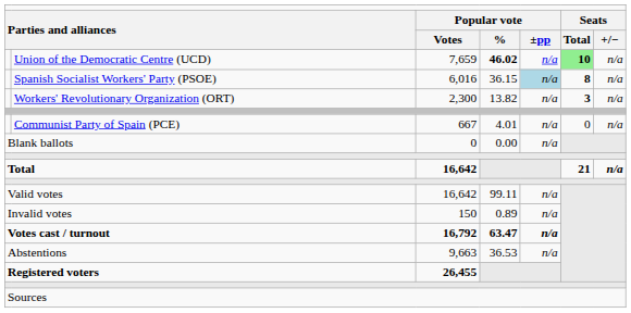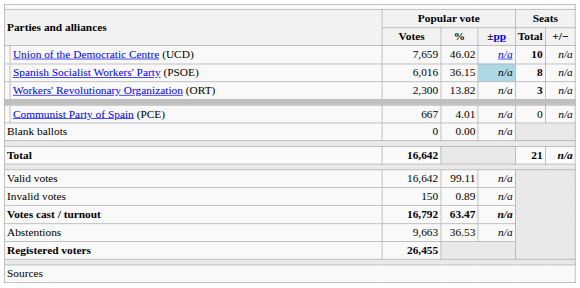 <table class="wikitable" style="text-align:right;">
 <tr>
 <td colspan="7"></td>
 </tr>
 <tr>
 <th style="text-align:left;" rowspan="2" colspan="2" width="525">Parties and alliances</th>
 <th colspan="3">Popular vote</th>
 <th colspan="2">Seats</th>
 </tr>
 <tr>
 <th width="75">Votes</th>
 <th width="45">%</th>
 <th width="45">±<a href='#'>pp</a></th>
 <th width="35">Total</th>
 <th width="35">+/−</th>
 </tr>
 <tr>
 <td width="1" style="color:inherit;background:"></td>
 <td align="left"><a href='#'>Union of the Democratic Centre</a> (UCD)</td>
 <td>7,659</td>
-<td><strong>46.02</strong></td>
+<td>46.02</td>
 <td><em><a href='#'>n/a</a></em></td>
-<td style="background: lightgreen;"><strong>10</strong></td>
+<td><strong>10</strong></td>
 <td><em>n/a</em></td>
 </tr>
 <tr>
 <td style="color:inherit;background:"></td>
 <td align="left"><a href='#'>Spanish Socialist Workers' Party</a> (PSOE)</td>
 <td>6,016</td>
 <td>36.15</td>
 <td style="background: lightblue;"><em>n/a</em></td>
 <td><strong>8</strong></td>
 <td><em>n/a</em></td>
 </tr>
 <tr>
 <td style="color:inherit;background:"></td>
 <td align="left"><a href='#'>Workers' Revolutionary Organization</a> (ORT)</td>
 <td>2,300</td>
 <td>13.82</td>
 <td><em>n/a</em></td>
 <td><strong>3</strong></td>
 <td><em>n/a</em></td>
 </tr>
 <tr>
 <td colspan="7" bgcolor="#C0C0C0"></td>
 </tr>
 <tr>
 <td style="color:inherit;background:"></td>
 <td align="left"><a href='#'>Communist Party of Spain</a> (PCE)</td>
 <td>667</td>
 <td>4.01</td>
 <td><em>n/a</em></td>
 <td>0</td>
 <td><em>n/a</em></td>
 </tr>
 <tr>
 <td align="left" colspan="2">Blank ballots</td>
 <td>0</td>
 <td>0.00</td>
 <td><em>n/a</em></td>
 <td bgcolor="#E9E9E9" colspan="2"></td>
 </tr>
 <tr>
 <td colspan="7" bgcolor="#E9E9E9"></td>
 </tr>
 <tr style="font-weight:bold;">
 <td align="left" colspan="2">Total</td>
 <td>16,642</td>
 <td bgcolor="#E9E9E9" colspan="2"></td>
 <td>21</td>
 <td><em>n/a</em></td>
 </tr>
 <tr>
 <td colspan="7" bgcolor="#E9E9E9"></td>
 </tr>
 <tr>
 <td align="left" colspan="2">Valid votes</td>
 <td>16,642</td>
 <td>99.11</td>
 <td><em>n/a</em></td>
 <td bgcolor="#E9E9E9" colspan="2" rowspan="5"></td>
 </tr>
 <tr>
 <td align="left" colspan="2">Invalid votes</td>
 <td>150</td>
 <td>0.89</td>
 <td><em>n/a</em></td>
 </tr>
 <tr style="font-weight:bold;">
 <td align="left" colspan="2">Votes cast / turnout</td>
 <td>16,792</td>
 <td>63.47</td>
 <td><em>n/a</em></td>
 </tr>
 <tr>
 <td align="left" colspan="2">Abstentions</td>
 <td>9,663</td>
 <td>36.53</td>
 <td><em>n/a</em></td>
 </tr>
 <tr style="font-weight:bold;">
 <td align="left" colspan="2">Registered voters</td>
 <td>26,455</td>
 <td bgcolor="#E9E9E9" colspan="2"></td>
 </tr>
 <tr>
 <td colspan="7" bgcolor="#E9E9E9"></td>
 </tr>
 <tr>
 <td align="left" colspan="7">Sources</td>
 </tr>
 </table>
